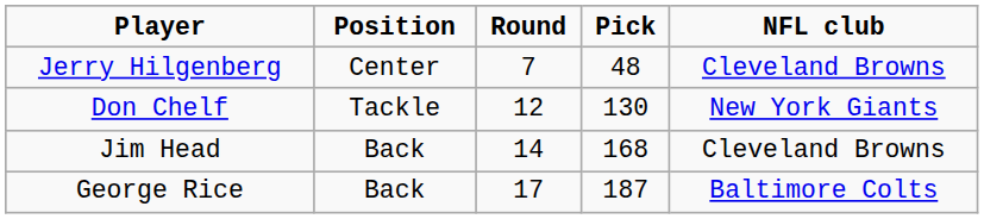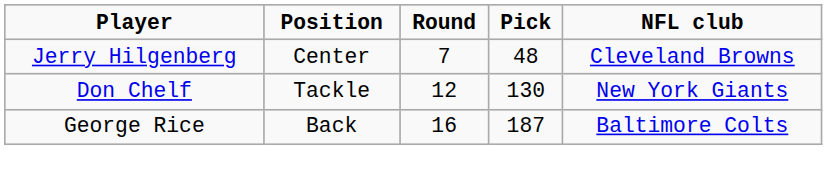 <table class="wikitable" width="80%">
 <tr align="center">
 <td><strong>Player</strong></td>
 <td><strong>Position</strong></td>
 <td><strong>Round</strong></td>
 <td><strong>Pick</strong></td>
 <td><strong>NFL club</strong></td>
 </tr>
 <tr align="center" bgcolor="">
 <td><a href='#'>Jerry Hilgenberg</a></td>
 <td>Center</td>
 <td>7</td>
 <td>48</td>
 <td><a href='#'>Cleveland Browns</a></td>
 </tr>
 <tr align="center" bgcolor="">
 <td><a href='#'>Don Chelf</a></td>
 <td>Tackle</td>
 <td>12</td>
 <td>130</td>
 <td><a href='#'>New York Giants</a></td>
 </tr>
 <tr align="center" bgcolor="">
-<td>Jim Head</td>
-<td>Back</td>
-<td>14</td>
-<td>168</td>
-<td>Cleveland Browns</td>
-</tr>
-<tr align="center" bgcolor="">
 <td>George Rice</td>
 <td>Back</td>
-<td>17</td>
+<td>16</td>
 <td>187</td>
 <td><a href='#'>Baltimore Colts</a></td>
 </tr>
 </table>
